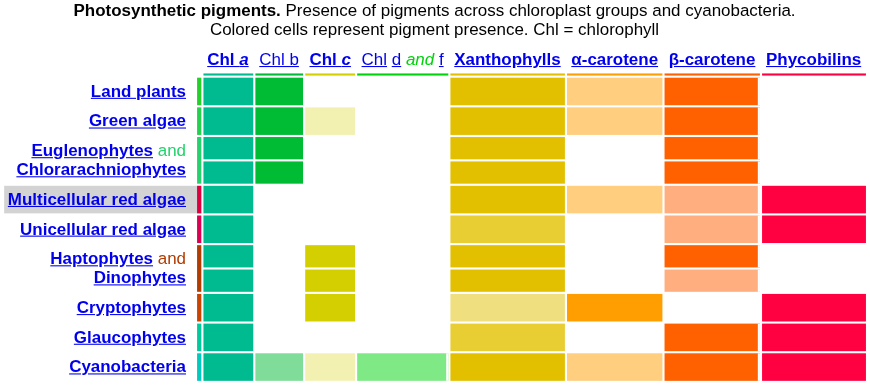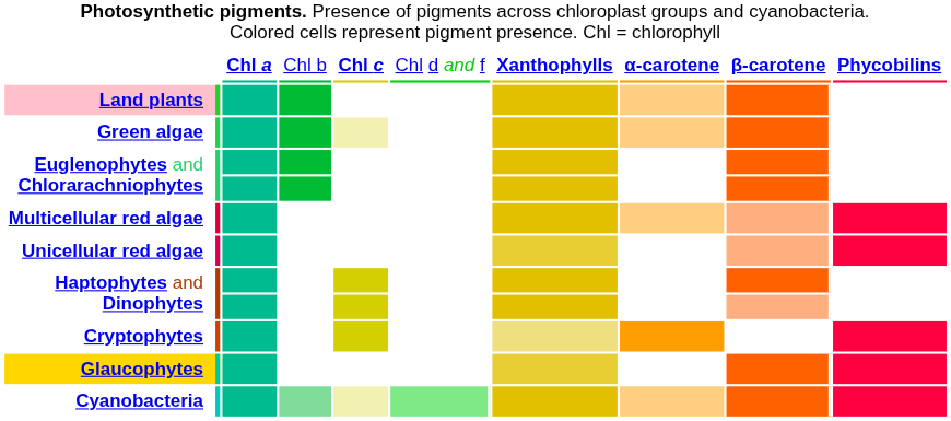 <table cellpadding="4" style="text-align: center; margin-left:auto; margin-right: auto; margin-bottom: 20px;">
 <tr>
 <td colspan=10><strong>Photosynthetic pigments.</strong> Presence of pigments across chloroplast groups and cyanobacteria.<br>Colored cells represent pigment presence. Chl = chlorophyll</td>
 </tr>
 <tr>
 <td></td>
 <td style="border-bottom: 2px solid #00bb90;"><a href='#'><span><strong>Chl <em>a<strong><em></span></a></td>
 <td style="border-bottom: 2px solid #00bb34;"><a href='#'><span></strong>Chl </em>b</em></strong></span></a></td>
 <td style="border-bottom: 2px solid #d3cf00;"><a href='#'><span><strong>Chl <em>c<strong><em></span></a></td>
 <td style="border-bottom: 2px solid #00d30c; color: #00d30c;"></strong><a href='#'><span>Chl</span></a> </em><a href='#'><span>d</span></a><em> and </em><a href='#'><span>f</span></a></em></strong></td>
 <td style="border-bottom: 2px solid #e2c000;"><a href='#'><span><strong>Xanthophylls</strong></span></a></td>
 <td style="border-bottom: 2px solid #ff9e00;"><a href='#'><span><strong>α-carotene</strong></span></a></td>
 <td style="border-bottom: 2px solid #ff6000;"><a href='#'><span><strong>β-carotene</strong></span></a></td>
 <td style="border-bottom: 2px solid #ff0040;"><a href='#'><span><strong>Phycobilins</strong></span></a><br></td>
 </tr>
 <tr>
-<td style="text-align: right; padding-right: 10px; border-right: 4px solid #24d12b;"><strong><a href='#'><span>Land plants</span></a></strong></td>
+<td style="background: pink; text-align: right; padding-right: 10px; border-right: 4px solid #24d12b;"><strong><a href='#'><span>Land plants</span></a></strong></td>
 <td style="background:#00bb90; color:#fff;"></td>
 <td style="background:#00bb34; color:#fff;"></td>
 <td></td>
 <td></td>
 <td style="background:#e2c000; color:#fff;"></td>
 <td style="background:#ff9e00; color:#fff; opacity:0.5;"></td>
 <td style="background:#ff6000; color:#fff; border-right:2px solid white;"></td>
 </tr>
 <tr>
 <td style="text-align: right; padding-right: 10px; border-right: 4px solid #24d14e;"><strong><a href='#'><span>Green algae</span></a></strong></td>
 <td style="background:#00bb90; color:#fff;"></td>
 <td style="background:#00bb34; color:#fff;"></td>
 <td style="background:#d3cf00; color:#fff; opacity:0.3;"></td>
 <td></td>
 <td style="background:#e2c000; color:#fff;"></td>
 <td style="background:#ff9e00; color:#fff; opacity:0.5;"></td>
 <td style="background:#ff6000; color:#fff; border-right:2px solid white;"></td>
 <td></td>
 </tr>
 <tr>
 <td style="text-align: right; padding-right: 10px; border-right: 4px solid #24d16d; color: #24d16d" rowspan="2"><strong><a href='#'><span>Euglenophytes</span></a></strong> and <br><strong><a href='#'><span>Chlorarachniophytes</span></a></strong></td>
 <td style="background:#00bb90; color:#fff;"></td>
 <td style="background:#00bb34; color:#fff;"></td>
 <td></td>
 <td></td>
 <td style="background:#e2c000; color:#fff;"></td>
 <td></td>
 <td style="background:#ff6000; color:#fff; border-right:2px solid white;"></td>
 </tr>
 <tr>
 <td style="background:#00bb90; color:#fff;"></td>
 <td style="background:#00bb34; color:#fff;"></td>
 <td></td>
 <td></td>
 <td style="background:#e2c000; color:#fff;"></td>
 <td></td>
 <td style="background:#ff6000; color:#fff; border-right:2px solid white;"></td>
 </tr>
 <tr>
-<td style="background: lightgrey; text-align: right; padding-right: 10px; border-right: 4px solid #dc003e;"><strong><a href='#'><span>Multicellular red algae</span></a></strong></td>
+<td style="text-align: right; padding-right: 10px; border-right: 4px solid #dc003e;"><strong><a href='#'><span>Multicellular red algae</span></a></strong></td>
 <td style="background:#00bb90; color:#fff;"></td>
 <td></td>
 <td></td>
 <td></td>
 <td style="background:#e2c000; color:#fff;"></td>
 <td style="background:#ff9e00; color:#fff; opacity:0.5;"></td>
 <td style="background:#ff6000; color:#fff; opacity:0.5; border-right:2px solid white;"></td>
 <td style="background:#ff0040; color:#fff;"></td>
 </tr>
 <tr>
 <td style="text-align: right; padding-right: 10px; border-right: 4px solid #dc0052;"><strong><a href='#'><span>Unicellular red algae</span></a></strong></td>
 <td style="background:#00bb90; color:#fff;"></td>
 <td></td>
 <td></td>
 <td></td>
 <td style="background:#e2c000; color:#fff; opacity:0.8;"></td>
 <td></td>
 <td style="background:#ff6000; color:#fff; opacity:0.5; border-right:2px solid white;"></td>
 <td style="background:#ff0040; color:#fff;"></td>
 </tr>
 <tr>
 <td style="text-align: right; padding-right: 10px; border-right: 4px solid #b13b00; color: #b13b00" rowspan="2"><strong><a href='#'><span>Haptophytes</span></a></strong> and <br><strong><a href='#'><span>Dinophytes</span></a></strong></td>
 <td style="background:#00bb90; color:#fff;"></td>
 <td></td>
 <td style="background:#d3cf00; color:#fff;"></td>
 <td></td>
 <td style="background:#e2c000; color:#fff;"></td>
 <td></td>
 <td style="background:#ff6000; color:#fff; opacity:1; border-right:2px solid white;"></td>
 <td></td>
 </tr>
 <tr>
 <td style="background:#00bb90; color:#fff;"></td>
 <td></td>
 <td style="background:#d3cf00; color:#fff;"></td>
 <td></td>
 <td style="background:#e2c000; color:#fff;"></td>
 <td></td>
 <td style="background:#ff6000; color:#fff; opacity:0.5; border-right:2px solid white;"></td>
 <td></td>
 </tr>
 <tr>
 <td style="text-align: right; padding-right: 10px; border-right: 4px solid #ca4300;"><strong><a href='#'><span>Cryptophytes</span></a></strong></td>
 <td style="background:#00bb90; color:#fff;"></td>
 <td></td>
 <td style="background:#d3cf00; color:#fff;"></td>
 <td></td>
 <td style="background:#e2c000; color:#fff; opacity:0.5;"></td>
 <td style="background:#ff9e00; color:#fff;"></td>
 <td></td>
 <td style="background:#ff0040; color:#fff;"></td>
 </tr>
 <tr>
-<td style="text-align: right; padding-right: 10px; border-right: 4px solid #00ca9b;"><strong><a href='#'><span>Glaucophytes</span></a></strong></td>
+<td style="background: gold; text-align: right; padding-right: 10px; border-right: 4px solid #00ca9b;"><strong><a href='#'><span>Glaucophytes</span></a></strong></td>
 <td style="background:#00bb90; color:#fff;"></td>
 <td></td>
 <td></td>
 <td></td>
 <td style="background:#e2c000; color:#fff; opacity:0.8;"></td>
 <td></td>
 <td style="background:#ff6000; color:#fff; opacity:1; border-right:2px solid white;"></td>
 <td style="background:#ff0040; color:#fff;"></td>
 </tr>
 <tr>
 <td style="text-align: right; padding-right: 10px; border-right: 4px solid #00c9be;"><strong><a href='#'><span>Cyanobacteria</span></a></strong></td>
 <td style="background:#00bb90; color:#fff;"></td>
 <td style="background:#00bb34; color:#fff; opacity:0.5;"></td>
 <td style="background:#d3cf00; color:#fff; opacity:0.3;"></td>
 <td style="background:#00d30c; color:#fff; border-right:2px solid white; opacity:0.5;"></td>
 <td style="background:#e2c000; color:#fff; opacity:1;"></td>
 <td style="background:#ff9e00; color:#fff; opacity:0.5;"></td>
 <td style="background:#ff6000; color:#fff; opacity:1; border-right:2px solid white;"></td>
 <td style="background:#ff0040; color:#fff;"></td>
 </tr>
 </table>
